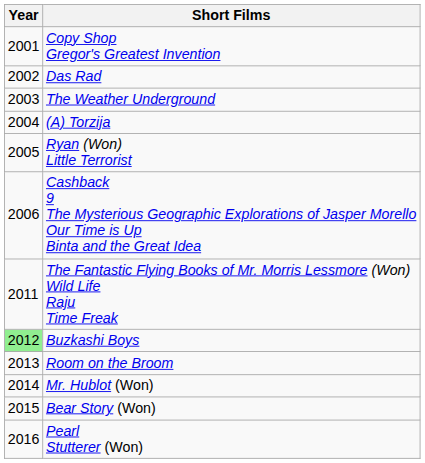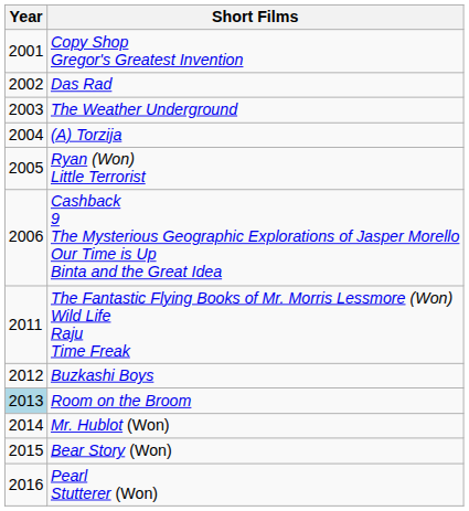 <table class="wikitable">
 <tr>
 <th>Year</th>
 <th>Short Films</th>
 </tr>
 <tr>
 <td>2001</td>
 <td><em><a href='#'>Copy Shop</a></em><br><em><a href='#'>Gregor's Greatest Invention</a></em></td>
 </tr>
 <tr>
 <td>2002</td>
 <td><em><a href='#'>Das Rad</a></em></td>
 </tr>
 <tr>
 <td>2003</td>
 <td><em><a href='#'>The Weather Underground</a></em></td>
 </tr>
 <tr>
 <td>2004</td>
 <td><em><a href='#'>(A) Torzija</a></em></td>
 </tr>
 <tr>
 <td>2005</td>
 <td><em><a href='#'>Ryan</a> (Won)</em><br><em><a href='#'>Little Terrorist</a></em></td>
 </tr>
 <tr>
 <td>2006</td>
 <td><em><a href='#'>Cashback</a></em><br><em><a href='#'>9</a></em><br><em><a href='#'>The Mysterious Geographic Explorations of Jasper Morello</a></em><br><em><a href='#'>Our Time is Up</a></em><br><em><a href='#'>Binta and the Great Idea</a></em></td>
 </tr>
 <tr>
 <td>2011</td>
 <td><em><a href='#'>The Fantastic Flying Books of Mr. Morris Lessmore</a> (Won)</em><br><em><a href='#'>Wild Life</a></em><br><em><a href='#'>Raju</a></em><br><em><a href='#'>Time Freak</a></em></td>
 </tr>
 <tr>
-<td style="background: lightgreen;">2012</td>
+<td>2012</td>
 <td><em><a href='#'>Buzkashi Boys</a></em></td>
 </tr>
 <tr>
-<td>2013</td>
+<td style="background: lightblue;">2013</td>
 <td><em><a href='#'>Room on the Broom</a></em></td>
 </tr>
 <tr>
 <td>2014</td>
 <td><em><a href='#'>Mr. Hublot</a></em> (Won)</td>
 </tr>
 <tr>
 <td>2015</td>
 <td><em><a href='#'>Bear Story</a></em> (Won)</td>
 </tr>
 <tr>
 <td>2016</td>
 <td><em><a href='#'>Pearl</a></em><br><em><a href='#'>Stutterer</a></em> (Won)</td>
 </tr>
 </table>
